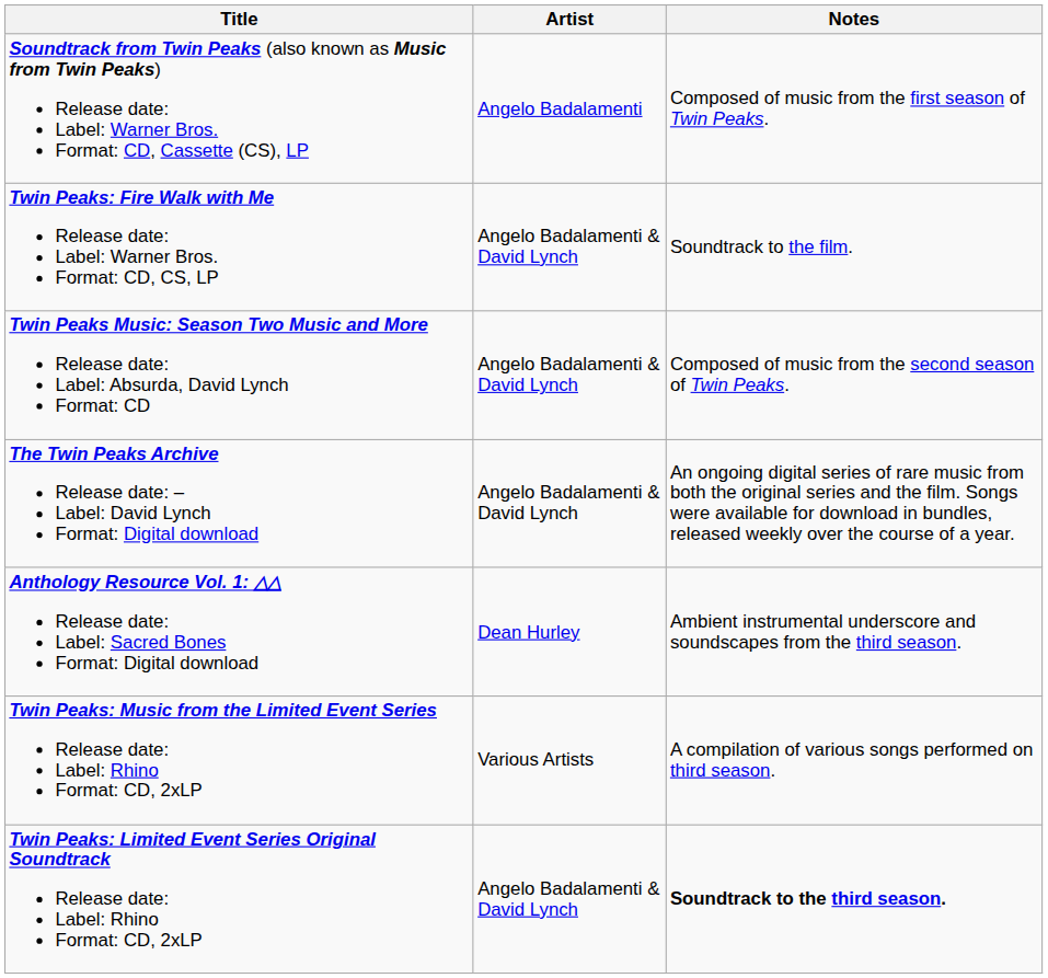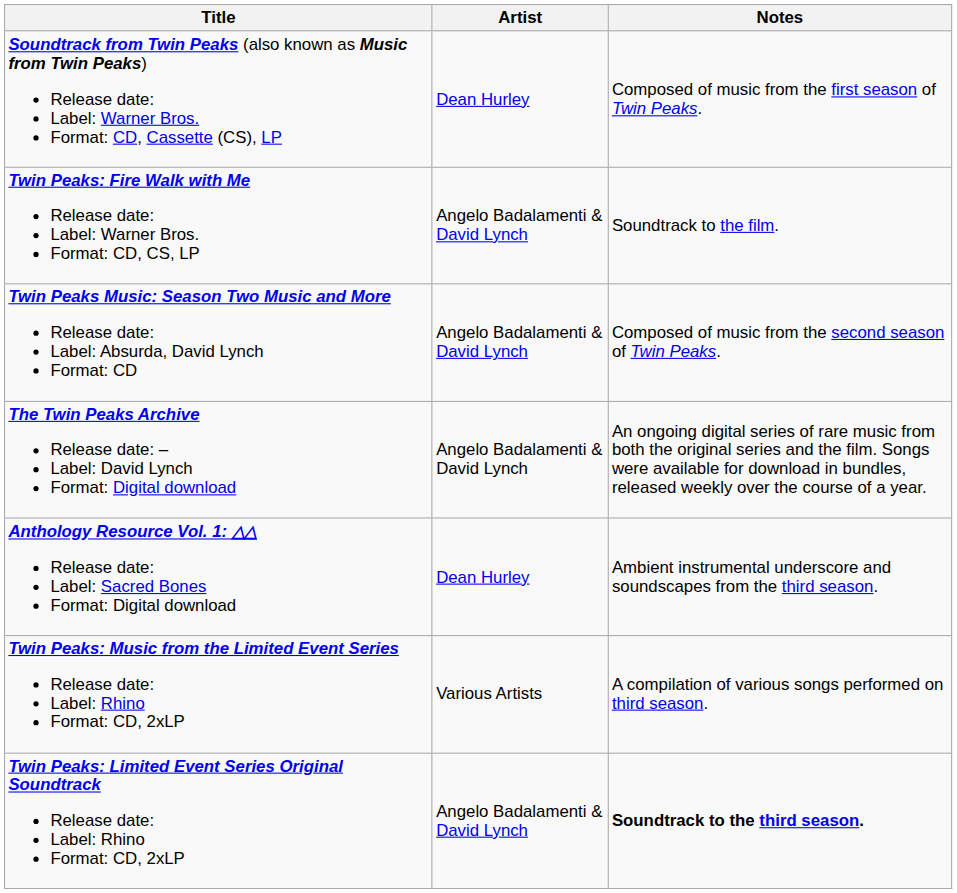 <table class="wikitable">
 <tr>
 <th style="width:25em">Title</th>
 <th style="width:10em">Artist</th>
 <th style="width:20em">Notes</th>
 </tr>
 <tr>
 <td><strong><em><a href='#'>Soundtrack from Twin Peaks</a></em></strong>  (also known as <strong><em>Music from Twin Peaks</em></strong>)<br><ul><li>Release date: </li><li>Label: <a href='#'>Warner Bros.</a></li><li>Format: <a href='#'>CD</a>, <a href='#'>Cassette</a> (CS), <a href='#'>LP</a></li></ul></td>
-<td><a href='#'>Angelo Badalamenti</a></td>
+<td><a href='#'>Dean Hurley</a></td>
 <td>Composed of music from the <a href='#'>first season</a> of <em><a href='#'>Twin Peaks</a></em>.</td>
 </tr>
 <tr>
 <td><strong><em><a href='#'>Twin Peaks: Fire Walk with Me</a></em></strong><br><ul><li>Release date: </li><li>Label: Warner Bros.</li><li>Format: CD, CS, LP</li></ul></td>
 <td>Angelo Badalamenti & <a href='#'>David Lynch</a></td>
 <td>Soundtrack to <a href='#'>the film</a>.</td>
 </tr>
 <tr>
 <td><strong><em><a href='#'>Twin Peaks Music: Season Two Music and More</a></em></strong><br><ul><li>Release date: </li><li>Label: Absurda, David Lynch</li><li>Format: CD</li></ul></td>
 <td>Angelo Badalamenti & <a href='#'>David Lynch</a></td>
 <td>Composed of music from the <a href='#'>second season</a> of <em><a href='#'>Twin Peaks</a></em>.</td>
 </tr>
 <tr>
 <td><strong><em><a href='#'>The Twin Peaks Archive</a></em></strong><br><ul><li>Release date: –</li><li>Label: David Lynch</li><li>Format: <a href='#'>Digital download</a></li></ul></td>
 <td>Angelo Badalamenti & David Lynch</td>
 <td>An ongoing digital series of rare music from both the original series and the film. Songs were available for download in bundles, released weekly over the course of a year.</td>
 </tr>
 <tr>
 <td><strong><em><a href='#'>Anthology Resource Vol. 1: △△</a></em></strong><br><ul><li>Release date: </li><li>Label: <a href='#'>Sacred Bones</a></li><li>Format: Digital download</li></ul></td>
 <td><a href='#'>Dean Hurley</a></td>
 <td>Ambient instrumental underscore and soundscapes from the <a href='#'>third season</a>.</td>
 </tr>
 <tr>
 <td><strong><em><a href='#'>Twin Peaks: Music from the Limited Event Series</a></em></strong><br><ul><li>Release date: </li><li>Label: <a href='#'>Rhino</a></li><li>Format: CD, 2xLP</li></ul></td>
 <td>Various Artists</td>
 <td>A compilation of various songs performed on <a href='#'>third season</a>.</td>
 </tr>
 <tr>
 <td><strong><em><a href='#'>Twin Peaks: Limited Event Series Original Soundtrack</a></em></strong><br><ul><li>Release date: </li><li>Label: Rhino</li><li>Format: CD, 2xLP</li></ul></td>
 <td>Angelo Badalamenti & <a href='#'>David Lynch</a></td>
 <td><strong>Soundtrack to the <a href='#'>third season</a>.</strong></td>
 </tr>
 <tr>
 </tr>
 </table>
